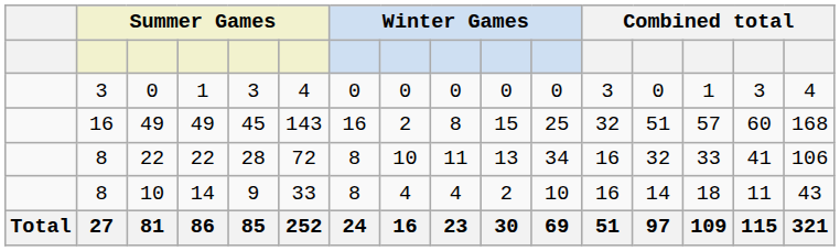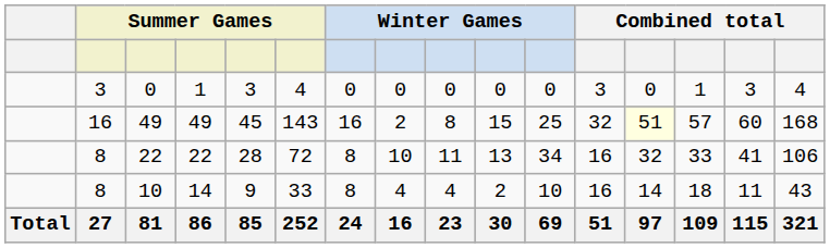 <table class="wikitable sortable" style="margin-top:0; text-align:center; font-size:90%;">
 <tr>
 <th></th>
 <th align="center" style="background-color:#f2f2ce;" colspan="5" ;>Summer Games</th>
 <th align="center" style="background-color:#cedff2;" colspan="5" ;>Winter Games</th>
 <th align="center" colspan="5" ;>Combined total</th>
 </tr>
 <tr>
 <th></th>
 <th style="background-color:#f2f2ce; width:2em;"><br></th>
 <th style="background-color:#f2f2ce; width:2em;"><br></th>
 <th style="background-color:#f2f2ce; width:2em;"><br></th>
 <th style="background-color:#f2f2ce; width:2em;"><br></th>
 <th style="background-color:#f2f2ce; width:2em;"><br></th>
 <th style="background-color:#cedff2; width:2em;"><br></th>
 <th style="background-color:#cedff2; width:2em;"><br></th>
 <th style="background-color:#cedff2; width:2em;"><br></th>
 <th style="background-color:#cedff2; width:2em;"><br></th>
 <th style="background-color:#cedff2; width:2em;"><br></th>
 <th style="width:2em;"><br></th>
 <th style="width:2em;"><br></th>
 <th style="width:2em;"><br></th>
 <th style="width:2em;"><br></th>
 <th style="width:2em;"><br></th>
 </tr>
 <tr>
 <td align=left></td>
 <td>3</td>
 <td>0</td>
 <td>1</td>
 <td>3</td>
 <td>4</td>
 <td>0</td>
 <td>0</td>
 <td>0</td>
 <td>0</td>
 <td>0</td>
 <td>3</td>
 <td>0</td>
 <td>1</td>
 <td>3</td>
 <td>4</td>
 </tr>
 <tr>
 <td align=left></td>
 <td>16</td>
 <td>49</td>
 <td>49</td>
 <td>45</td>
 <td>143</td>
 <td>16</td>
 <td>2</td>
 <td>8</td>
 <td>15</td>
 <td>25</td>
 <td>32</td>
-<td>51</td>
+<td style="background: lightyellow;">51</td>
 <td>57</td>
 <td>60</td>
 <td>168</td>
 </tr>
 <tr>
 <td align=left></td>
 <td>8</td>
 <td>22</td>
 <td>22</td>
 <td>28</td>
 <td>72</td>
 <td>8</td>
 <td>10</td>
 <td>11</td>
 <td>13</td>
 <td>34</td>
 <td>16</td>
 <td>32</td>
 <td>33</td>
 <td>41</td>
 <td>106</td>
 </tr>
 <tr>
 <td align=left></td>
 <td>8</td>
 <td>10</td>
 <td>14</td>
 <td>9</td>
 <td>33</td>
 <td>8</td>
 <td>4</td>
 <td>4</td>
 <td>2</td>
 <td>10</td>
 <td>16</td>
 <td>14</td>
 <td>18</td>
 <td>11</td>
 <td>43</td>
 </tr>
 <tr>
 <th style="text-align: center;">Total</th>
 <th>27</th>
 <th>81</th>
 <th>86</th>
 <th>85</th>
 <th>252</th>
 <th>24</th>
 <th>16</th>
 <th>23</th>
 <th>30</th>
 <th>69</th>
 <th>51</th>
 <th>97</th>
 <th>109</th>
 <th>115</th>
 <th>321</th>
 </tr>
 </table>
